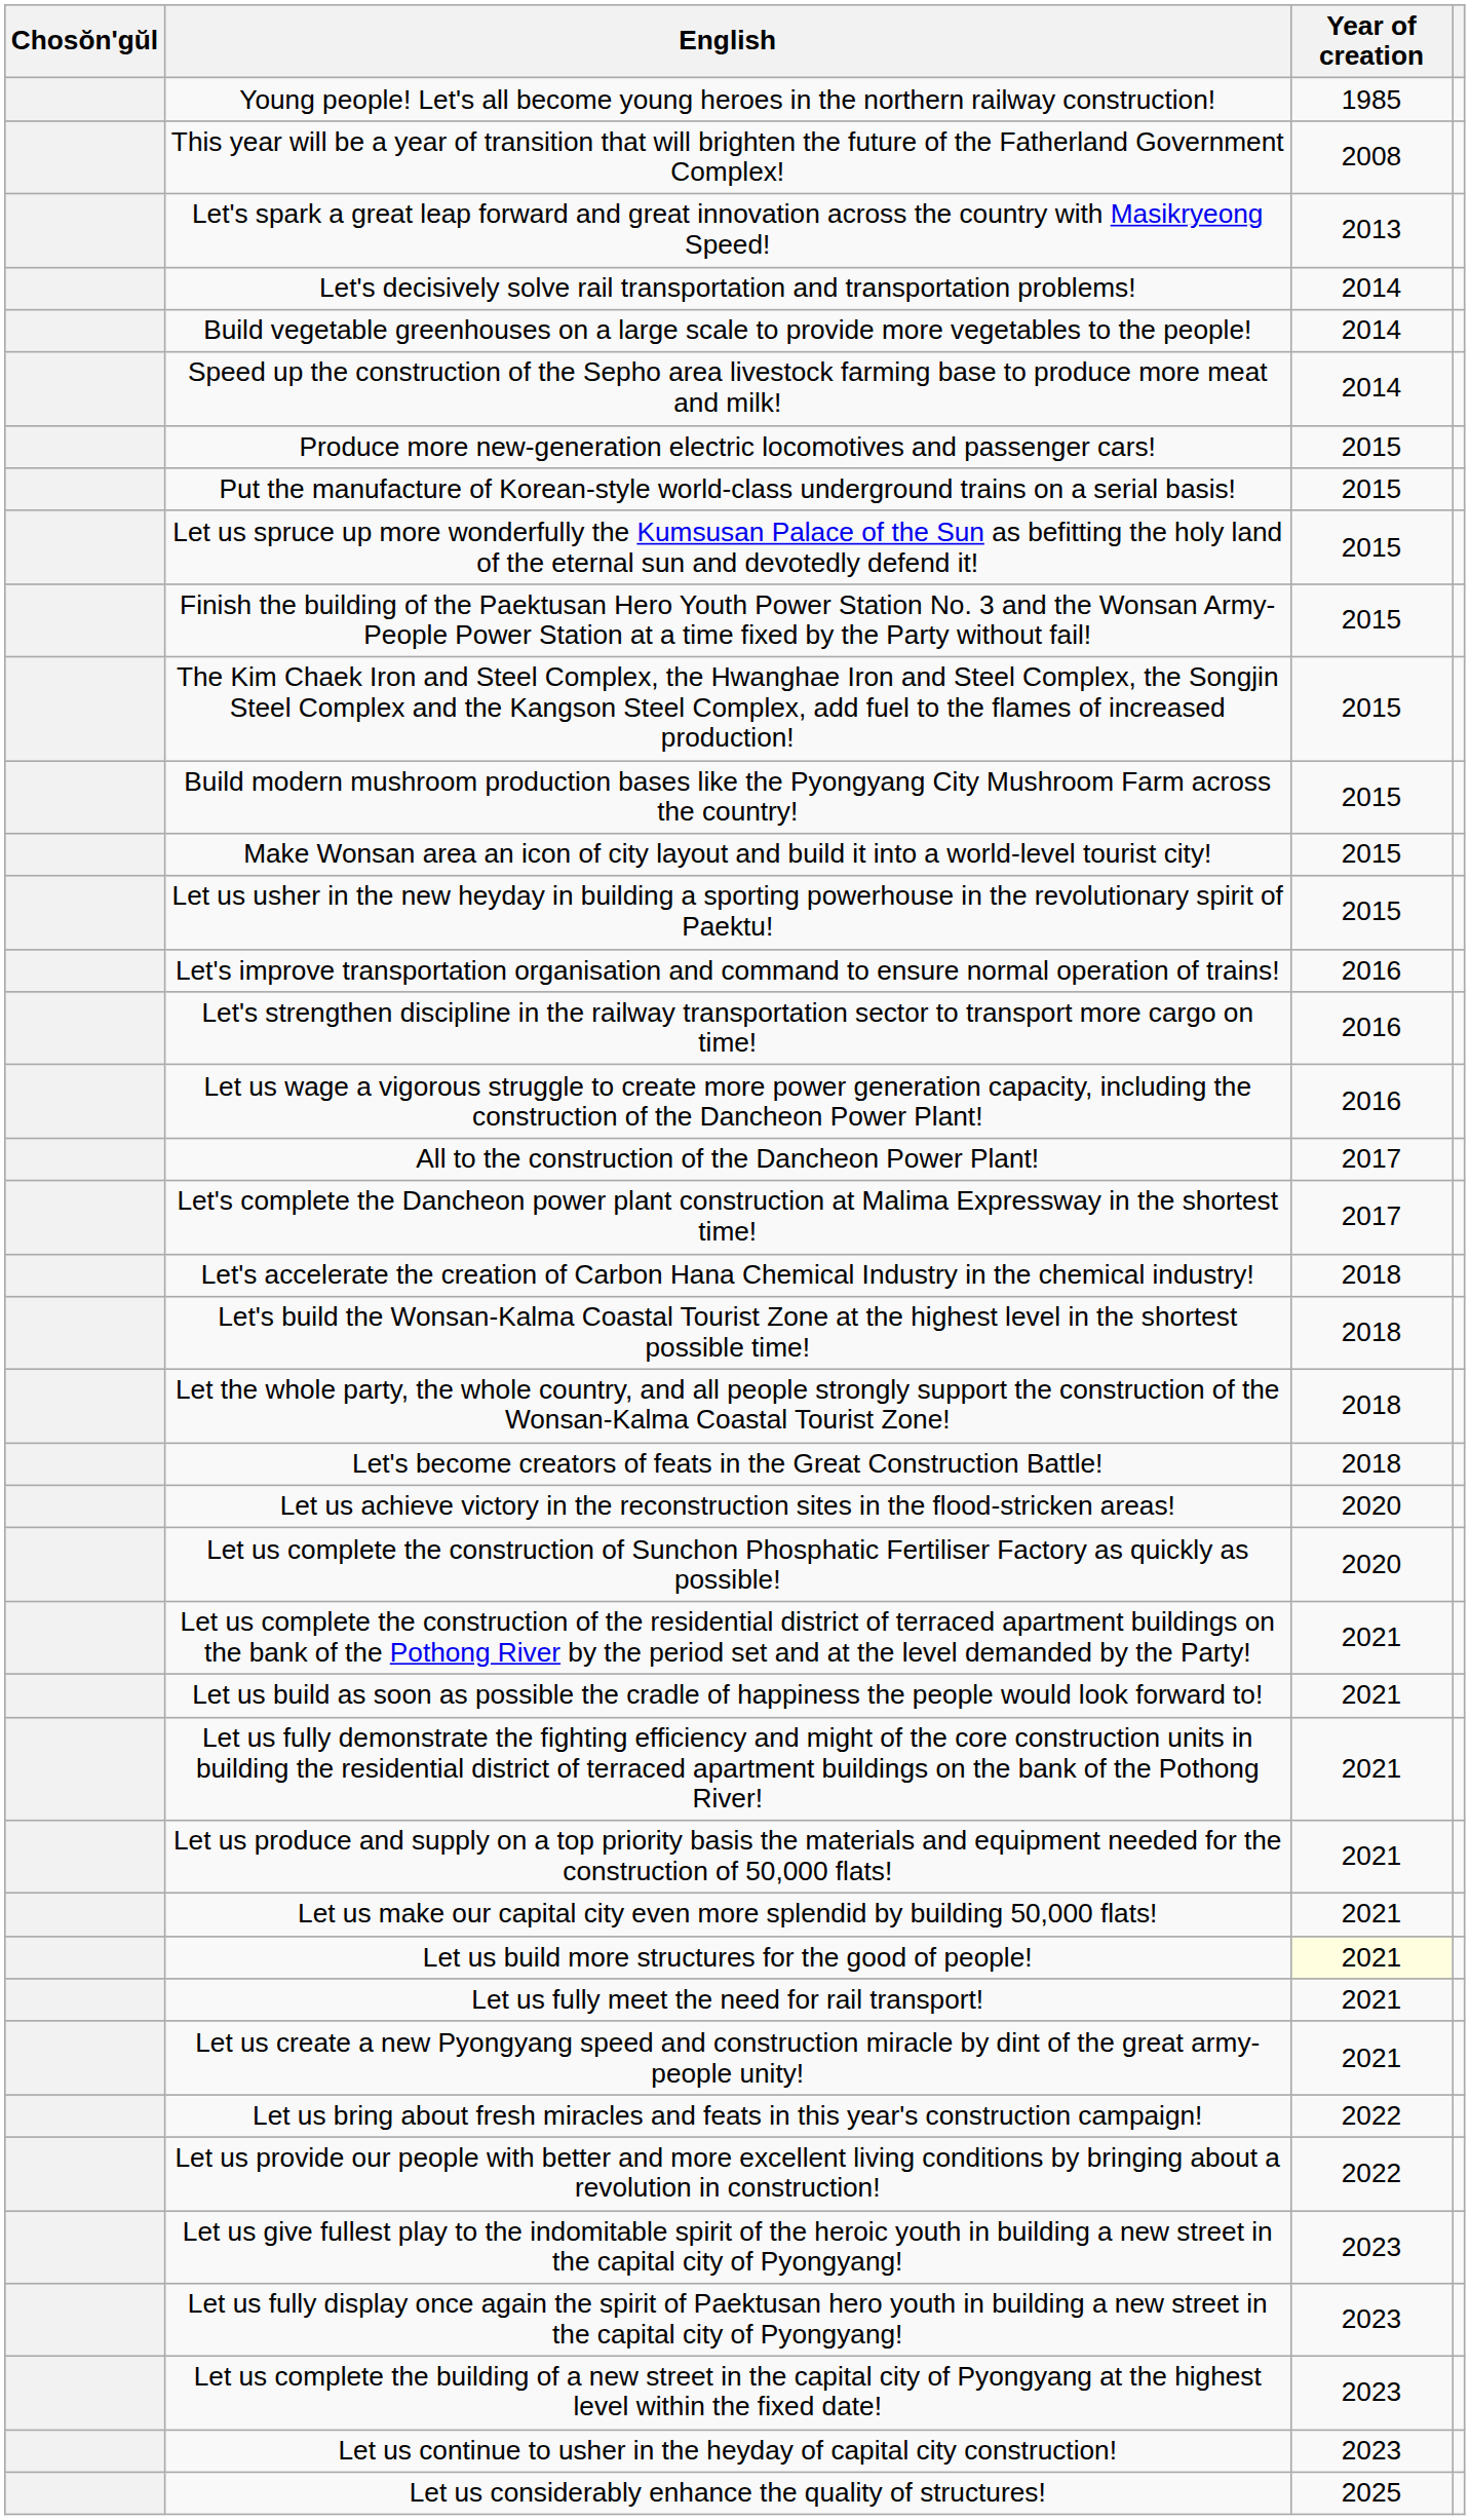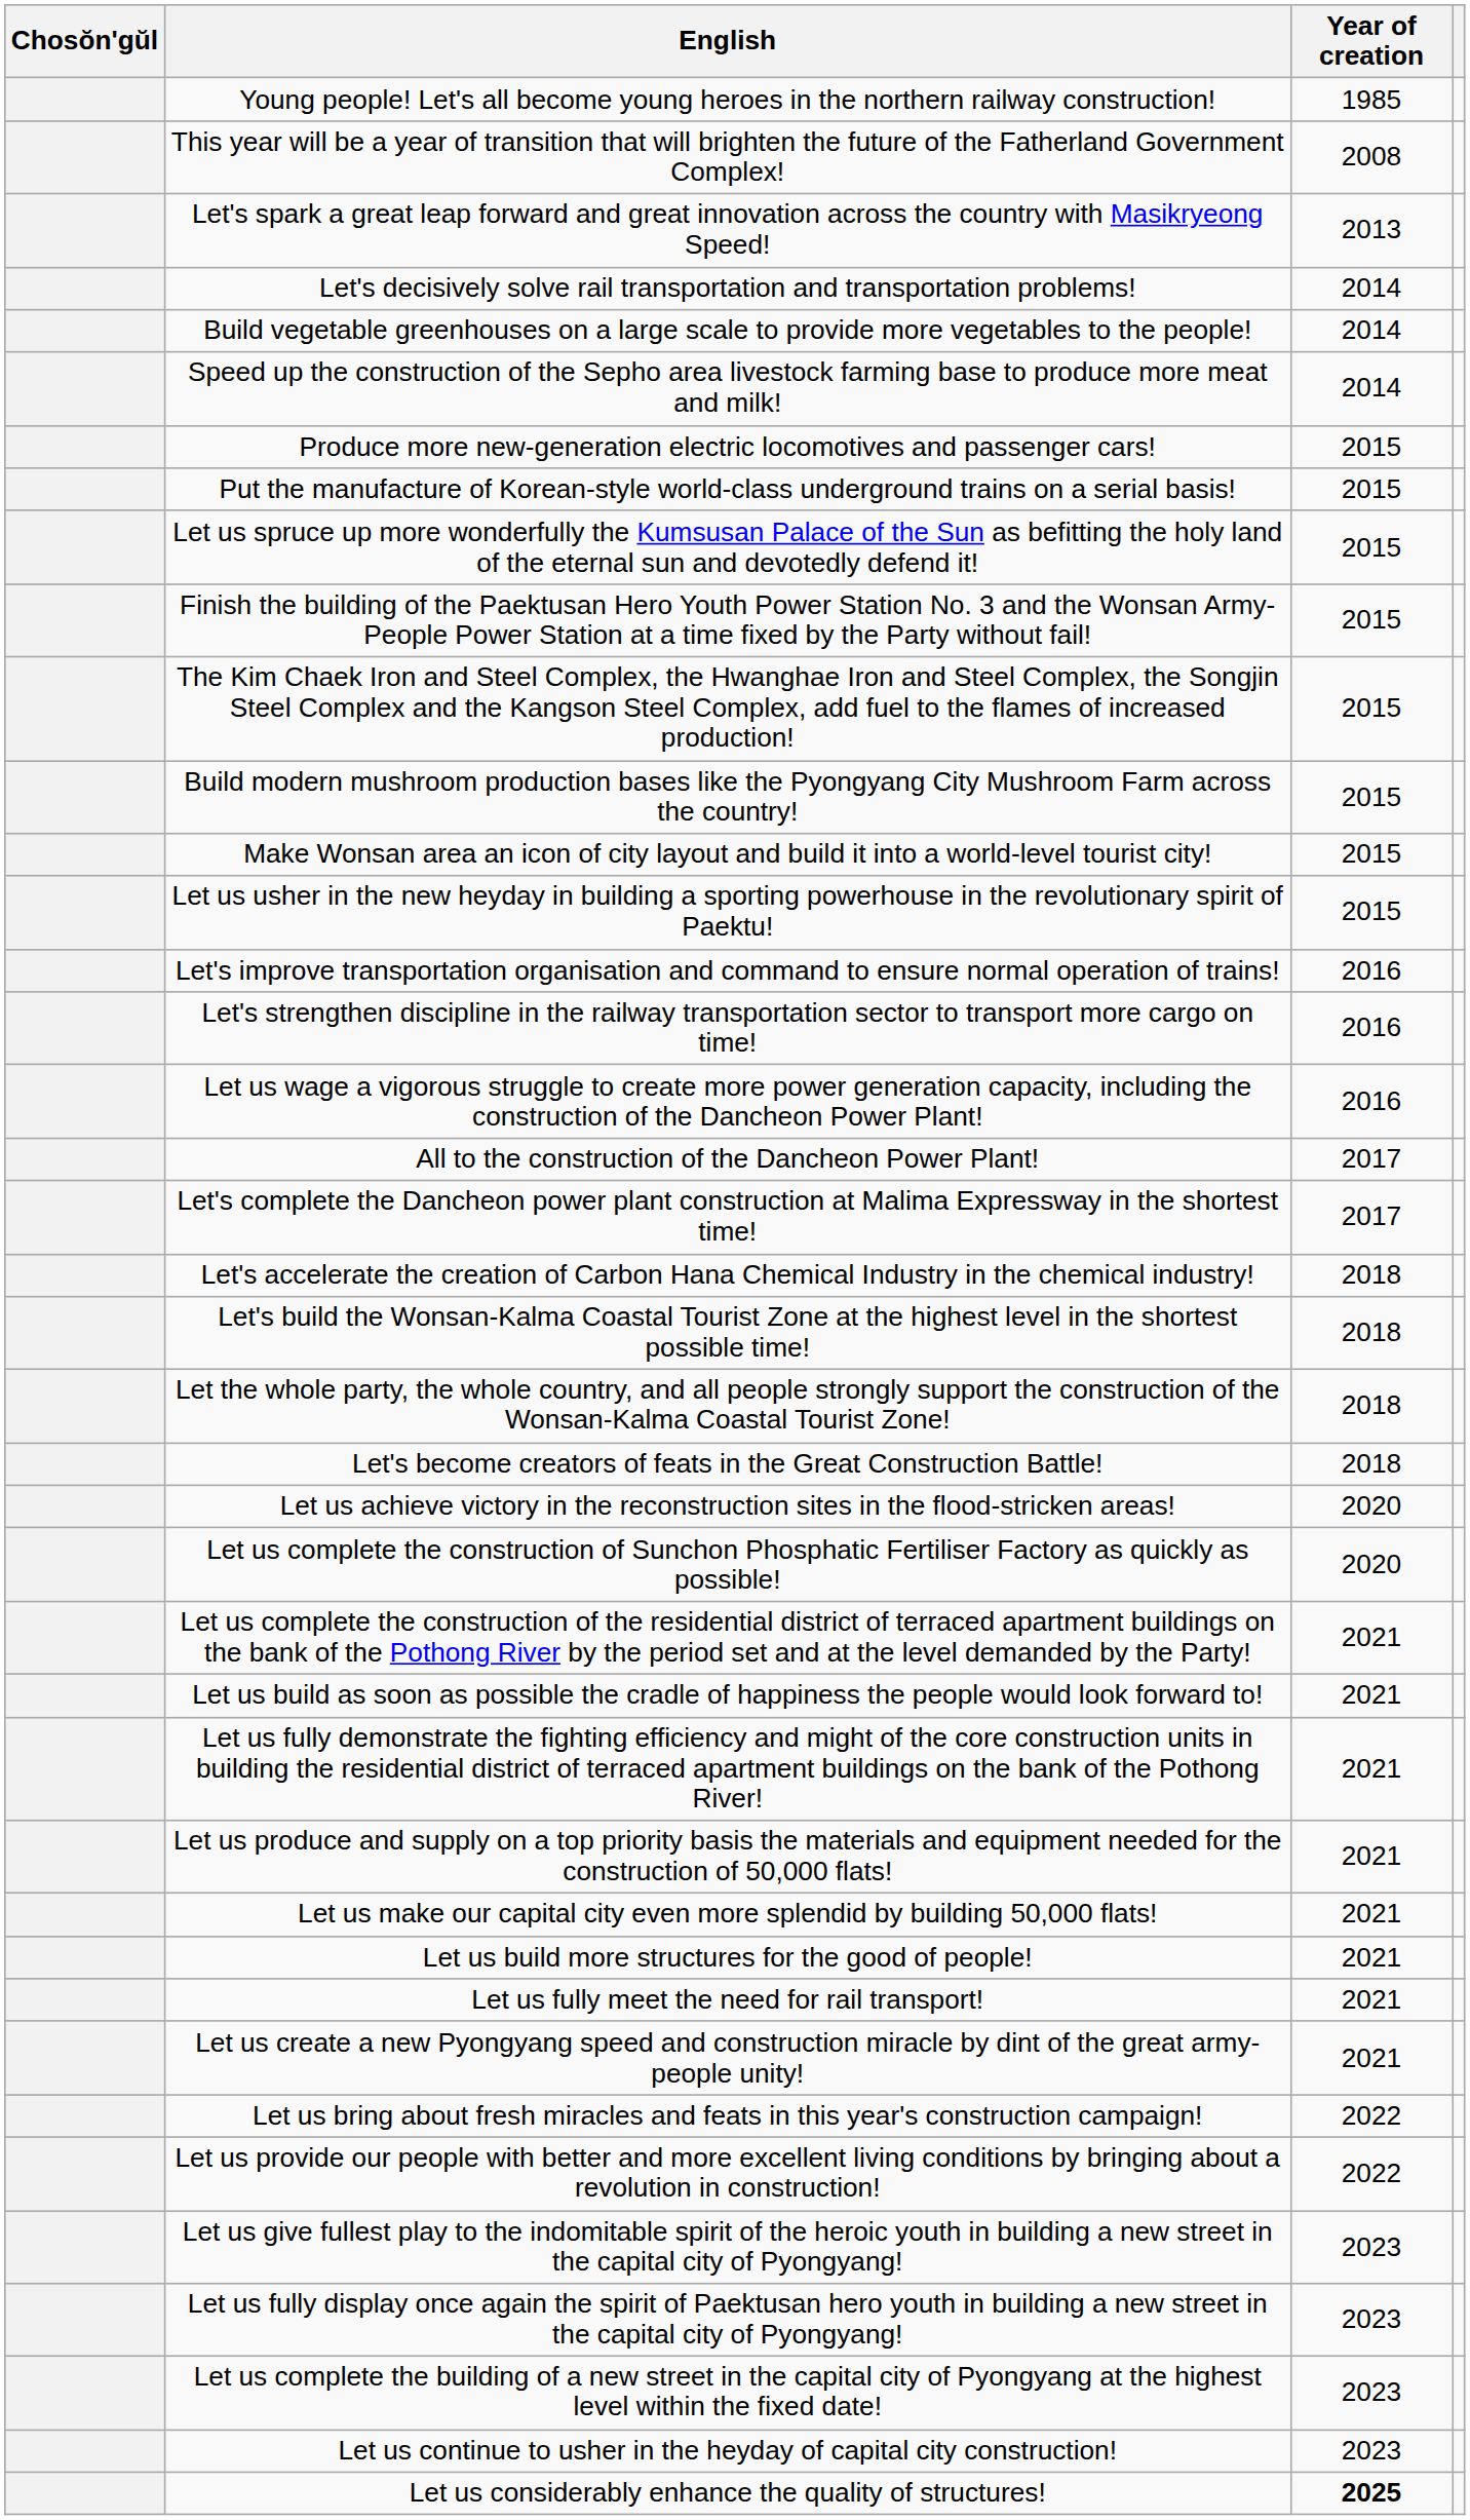 <table class="wikitable sortable" style="text-align: center;">
 <tr>
 <th scope="col">Chosŏn'gŭl</th>
 <th scope="col">English</th>
 <th scope="col">Year of creation</th>
 <th scope="col" class="unsortable"></th>
 </tr>
 <tr>
 <th scope="row"></th>
 <td>Young people! Let's all become young heroes in the northern railway construction!</td>
 <td>1985</td>
 <td></td>
 </tr>
 <tr>
 <th scope="row"></th>
 <td>This year will be a year of transition that will brighten the future of the Fatherland Government Complex!</td>
 <td>2008</td>
 <td></td>
 </tr>
 <tr>
 <th scope="row"></th>
 <td>Let's spark a great leap forward and great innovation across the country with <a href='#'>Masikryeong</a> Speed!</td>
 <td>2013</td>
 <td></td>
 </tr>
 <tr>
 <th scope="row"></th>
 <td>Let's decisively solve rail transportation and transportation problems!</td>
 <td>2014</td>
 <td></td>
 </tr>
 <tr>
 <th scope="row"></th>
 <td>Build vegetable greenhouses on a large scale to provide more vegetables to the people!</td>
 <td>2014</td>
 <td></td>
 </tr>
 <tr>
 <th scope="row"></th>
 <td>Speed up the construction of the Sepho area livestock farming base to produce more meat and milk!</td>
 <td>2014</td>
 <td></td>
 </tr>
 <tr>
 <th scope="row"></th>
 <td>Produce more new-generation electric locomotives and passenger cars!</td>
 <td>2015</td>
 <td></td>
 </tr>
 <tr>
 <th scope="row"></th>
 <td>Put the manufacture of Korean-style world-class underground trains on a serial basis!</td>
 <td>2015</td>
 <td></td>
 </tr>
 <tr>
 <th scope="row"></th>
 <td>Let us spruce up more wonderfully the <a href='#'>Kumsusan Palace of the Sun</a> as befitting the holy land of the eternal sun and devotedly defend it!</td>
 <td>2015</td>
 <td></td>
 </tr>
 <tr>
 <th scope="row"></th>
 <td>Finish the building of the Paektusan Hero Youth Power Station No. 3 and the Wonsan Army-People Power Station at a time fixed by the Party without fail!</td>
 <td>2015</td>
 <td></td>
 </tr>
 <tr>
 <th scope="row"></th>
 <td>The Kim Chaek Iron and Steel Complex, the Hwanghae Iron and Steel Complex, the Songjin Steel Complex and the Kangson Steel Complex, add fuel to the flames of increased production!</td>
 <td>2015</td>
 <td></td>
 </tr>
 <tr>
 <th scope="row"></th>
 <td>Build modern mushroom production bases like the Pyongyang City Mushroom Farm across the country!</td>
 <td>2015</td>
 <td></td>
 </tr>
 <tr>
 <th scope="row"></th>
 <td>Make Wonsan area an icon of city layout and build it into a world-level tourist city!</td>
 <td>2015</td>
 <td></td>
 </tr>
 <tr>
 <th scope="row"></th>
 <td>Let us usher in the new heyday in building a sporting powerhouse in the revolutionary spirit of Paektu!</td>
 <td>2015</td>
 <td></td>
 </tr>
 <tr>
 <th scope="row"></th>
 <td>Let's improve transportation organisation and command to ensure normal operation of trains!</td>
 <td>2016</td>
 <td></td>
 </tr>
 <tr>
 <th scope="row"></th>
 <td>Let's strengthen discipline in the railway transportation sector to transport more cargo on time!</td>
 <td>2016</td>
 <td></td>
 </tr>
 <tr>
 <th scope="row"></th>
 <td>Let us wage a vigorous struggle to create more power generation capacity, including the construction of the Dancheon Power Plant!</td>
 <td>2016</td>
 <td></td>
 </tr>
 <tr>
 <th scope="row"></th>
 <td>All to the construction of the Dancheon Power Plant!</td>
 <td>2017</td>
 <td></td>
 </tr>
 <tr>
 <th scope="row"></th>
 <td>Let's complete the Dancheon power plant construction at Malima Expressway in the shortest time!</td>
 <td>2017</td>
 <td></td>
 </tr>
 <tr>
 <th scope="row"></th>
 <td>Let's accelerate the creation of Carbon Hana Chemical Industry in the chemical industry!</td>
 <td>2018</td>
 <td></td>
 </tr>
 <tr>
 <th scope="row"></th>
 <td>Let's build the Wonsan-Kalma Coastal Tourist Zone at the highest level in the shortest possible time!</td>
 <td>2018</td>
 <td></td>
 </tr>
 <tr>
 <th scope="row"></th>
 <td>Let the whole party, the whole country, and all people strongly support the construction of the Wonsan-Kalma Coastal Tourist Zone!</td>
 <td>2018</td>
 <td></td>
 </tr>
 <tr>
 <th scope="row"></th>
 <td>Let's become creators of feats in the Great Construction Battle!</td>
 <td>2018</td>
 <td></td>
 </tr>
 <tr>
 <th scope="row"></th>
 <td>Let us achieve victory in the reconstruction sites in the flood-stricken areas!</td>
 <td>2020</td>
 <td></td>
 </tr>
 <tr>
 <th scope="row"></th>
 <td>Let us complete the construction of Sunchon Phosphatic Fertiliser Factory as quickly as possible!</td>
 <td>2020</td>
 <td></td>
 </tr>
 <tr>
 <th scope="row"></th>
 <td>Let us complete the construction of the residential district of terraced apartment buildings on the bank of the <a href='#'>Pothong River</a> by the period set and at the level demanded by the Party!</td>
 <td>2021</td>
 <td></td>
 </tr>
 <tr>
 <th scope="row"></th>
 <td>Let us build as soon as possible the cradle of happiness the people would look forward to!</td>
 <td>2021</td>
 <td></td>
 </tr>
 <tr>
 <th scope="row"></th>
 <td>Let us fully demonstrate the fighting efficiency and might of the core construction units in building the residential district of terraced apartment buildings on the bank of the Pothong River!</td>
 <td>2021</td>
 <td></td>
 </tr>
 <tr>
 <th scope="row"></th>
 <td>Let us produce and supply on a top priority basis the materials and equipment needed for the construction of 50,000 flats!</td>
 <td>2021</td>
 <td></td>
 </tr>
 <tr>
 <th scope="row"></th>
 <td>Let us make our capital city even more splendid by building 50,000 flats!</td>
 <td>2021</td>
 <td></td>
 </tr>
 <tr>
 <th scope="row"></th>
 <td>Let us build more structures for the good of people!</td>
-<td style="background: lightyellow;">2021</td>
+<td>2021</td>
 <td></td>
 </tr>
 <tr>
 <th scope="row"></th>
 <td>Let us fully meet the need for rail transport!</td>
 <td>2021</td>
 <td></td>
 </tr>
 <tr>
 <th scope="row"></th>
 <td>Let us create a new Pyongyang speed and construction miracle by dint of the great army-people unity!</td>
 <td>2021</td>
 <td></td>
 </tr>
 <tr>
 <th scope="row"></th>
 <td>Let us bring about fresh miracles and feats in this year's construction campaign!</td>
 <td>2022</td>
 <td></td>
 </tr>
 <tr>
 <th scope="row"></th>
 <td>Let us provide our people with better and more excellent living conditions by bringing about a revolution in construction!</td>
 <td>2022</td>
 <td></td>
 </tr>
 <tr>
 <th scope="row"></th>
 <td>Let us give fullest play to the indomitable spirit of the heroic youth in building a new street in the capital city of Pyongyang!</td>
 <td>2023</td>
 <td></td>
 </tr>
 <tr>
 <th scope="row"></th>
 <td>Let us fully display once again the spirit of Paektusan hero youth in building a new street in the capital city of Pyongyang!</td>
 <td>2023</td>
 <td></td>
 </tr>
 <tr>
 <th scope="row"></th>
 <td>Let us complete the building of a new street in the capital city of Pyongyang at the highest level within the fixed date!</td>
 <td>2023</td>
 <td></td>
 </tr>
 <tr>
 <th scope="row"></th>
 <td>Let us continue to usher in the heyday of capital city construction!</td>
 <td>2023</td>
 <td></td>
 </tr>
 <tr>
 <th scope="row"></th>
 <td>Let us considerably enhance the quality of structures!</td>
-<td>2025</td>
+<td><strong>2025</strong></td>
 <td></td>
 </tr>
 </table>
